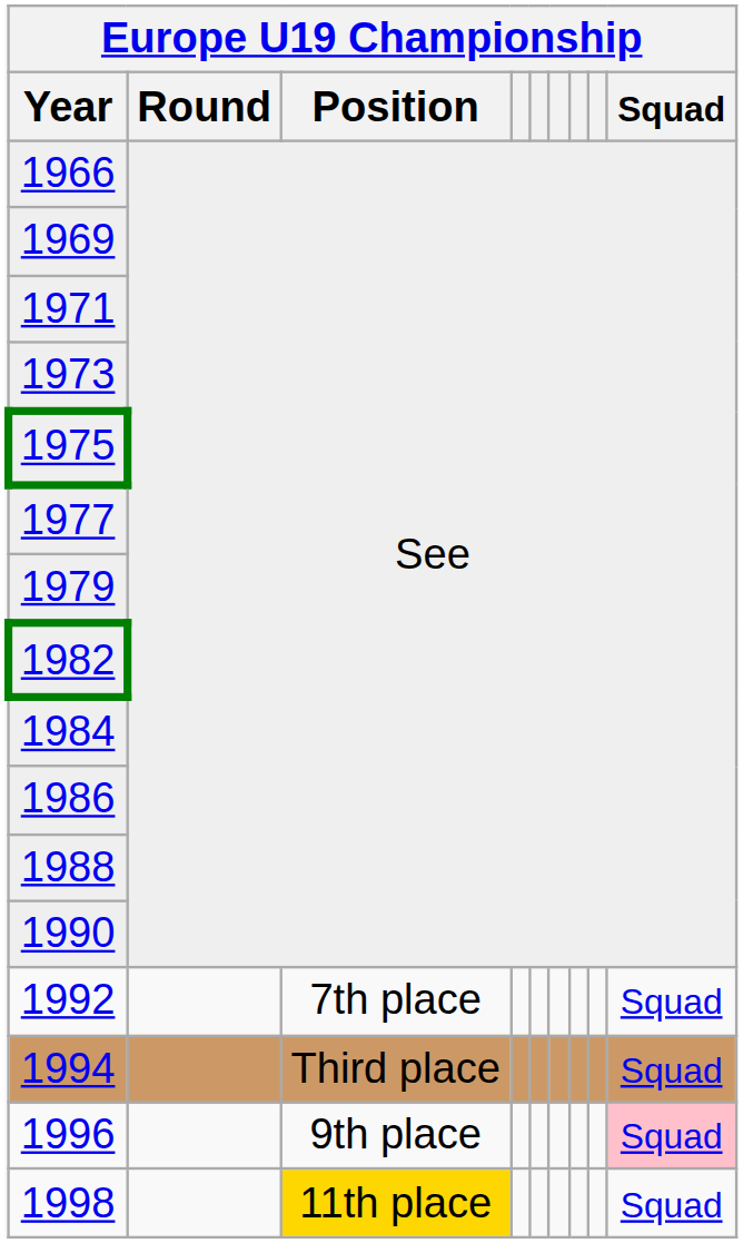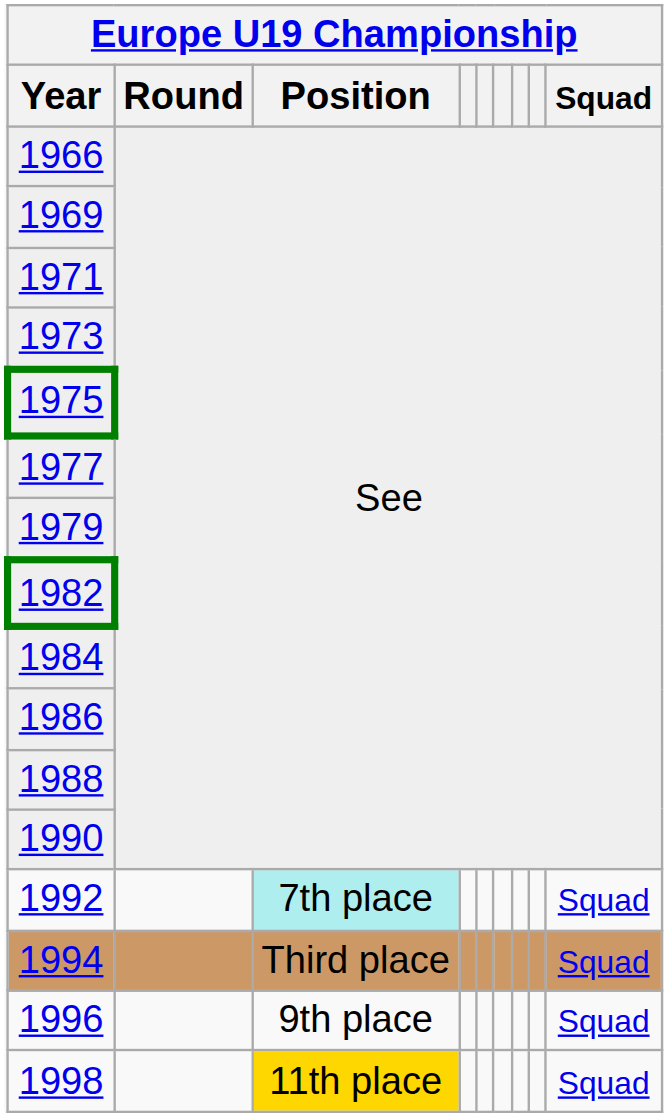 <table class="wikitable" style="text-align: center;">
 <tr>
 <th colspan=9><a href='#'>Europe U19 Championship</a></th>
 </tr>
 <tr>
 <th>Year</th>
 <th>Round</th>
 <th>Position</th>
 <th></th>
 <th></th>
 <th></th>
 <th></th>
 <th></th>
 <th><small>Squad</small></th>
 </tr>
 <tr bgcolor="efefef">
 <td> <a href='#'>1966</a></td>
 <td Colspan=9 rowspan="12">See </td>
 </tr>
 <tr bgcolor="efefef">
 <td> <a href='#'>1969</a></td>
 </tr>
 <tr bgcolor="efefef">
 <td> <a href='#'>1971</a></td>
 </tr>
 <tr bgcolor="efefef">
 <td> <a href='#'>1973</a></td>
 </tr>
 <tr bgcolor="efefef">
 <td style="border:3px solid green"> <a href='#'>1975</a></td>
 </tr>
 <tr bgcolor="efefef">
 <td> <a href='#'>1977</a></td>
 </tr>
 <tr bgcolor="efefef">
 <td> <a href='#'>1979</a></td>
 </tr>
 <tr bgcolor="efefef">
 <td style="border:3px solid green"> <a href='#'>1982</a></td>
 </tr>
 <tr bgcolor="efefef">
 <td> <a href='#'>1984</a></td>
 </tr>
 <tr bgcolor="efefef">
 <td> <a href='#'>1986</a></td>
 </tr>
 <tr bgcolor="efefef">
 <td> <a href='#'>1988</a></td>
 </tr>
 <tr bgcolor="efefef">
 <td> <a href='#'>1990</a></td>
 </tr>
 <tr>
 <td> <a href='#'>1992</a></td>
 <td></td>
-<td>7th place</td>
+<td style="background: paleturquoise;">7th place</td>
 <td></td>
 <td></td>
 <td></td>
 <td></td>
 <td></td>
 <td><small> <a href='#'>Squad</a></small></td>
 </tr>
 <tr bgcolor=cc9966>
 <td> <a href='#'>1994</a></td>
 <td></td>
 <td>Third place</td>
 <td></td>
 <td></td>
 <td></td>
 <td></td>
 <td></td>
 <td><small> <a href='#'>Squad</a></small></td>
 </tr>
 <tr>
 <td> <a href='#'>1996</a></td>
 <td></td>
 <td>9th place</td>
 <td></td>
 <td></td>
 <td></td>
 <td></td>
 <td></td>
-<td style="background: pink;"><small> <a href='#'>Squad</a></small></td>
+<td><small> <a href='#'>Squad</a></small></td>
 </tr>
 <tr>
 <td> <a href='#'>1998</a></td>
 <td></td>
 <td style="background: gold;">11th place</td>
 <td></td>
 <td></td>
 <td></td>
 <td></td>
 <td></td>
 <td><small> <a href='#'>Squad</a></small></td>
 </tr>
 </table>
